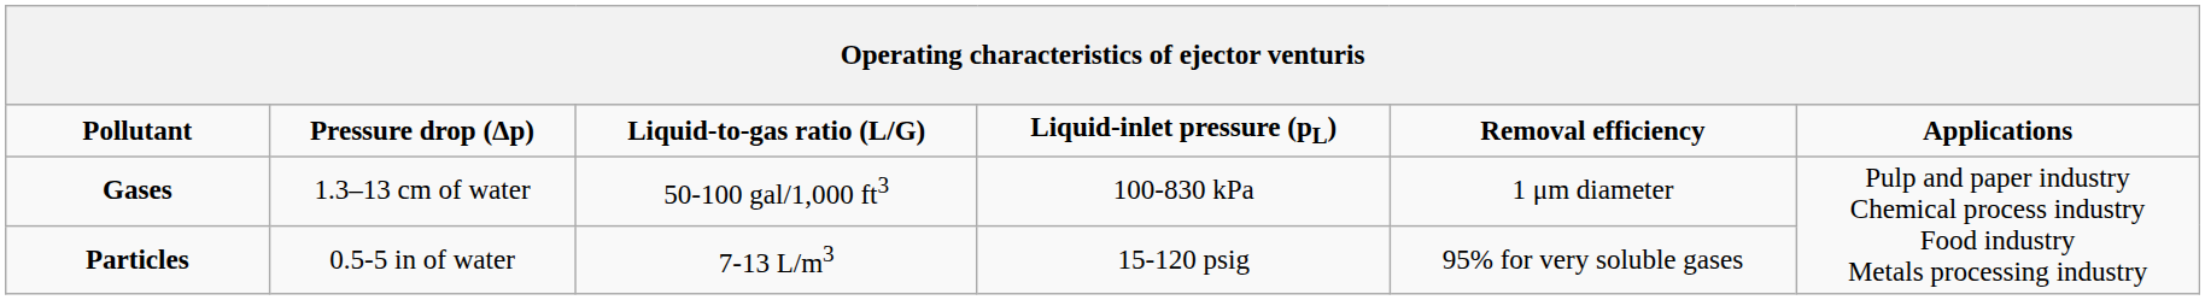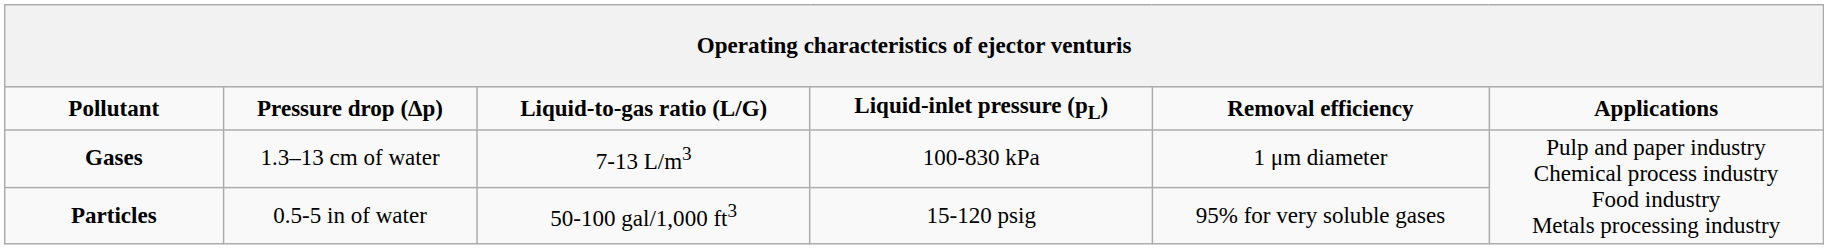 <table class="wikitable" style="width:100%; align:center; cellpadding:4">
 <tr>
 <th colspan="6" style="height:50px; align:center">Operating characteristics of ejector venturis</th>
 </tr>
 <tr>
 <td align="center" width="12%"><strong>Pollutant</strong></td>
 <td align="center"><strong>Pressure drop (Δp)</strong></td>
 <td align="center"><strong>Liquid-to-gas ratio (L/G)</strong></td>
 <td align="center"><strong>Liquid-inlet pressure (p<sub>L</sub>)</strong></td>
 <td align="center"><strong>Removal efficiency</strong></td>
 <td align="center"><strong>Applications</strong></td>
 </tr>
 <tr>
 <td align="center" width="12%"><strong>Gases</strong></td>
 <td align="center">1.3–13 cm of water</td>
-<td align="center">50-100 gal/1,000 ft<sup>3</sup></td>
+<td align="center">7-13 L/m<sup>3</sup></td>
 <td align="center">100-830 kPa</td>
 <td align="center">1 μm diameter</td>
 <td align="center" rowspan="2">Pulp and paper industry<br>Chemical process industry<br>Food industry<br>Metals processing industry</td>
 </tr>
 <tr>
 <td align="center" width="12%"><strong>Particles</strong></td>
 <td align="center">0.5-5 in of water</td>
-<td align="center">7-13 L/m<sup>3</sup></td>
+<td align="center">50-100 gal/1,000 ft<sup>3</sup></td>
 <td align="center">15-120 psig</td>
 <td align="center">95% for very soluble gases</td>
 </tr>
 </table>
